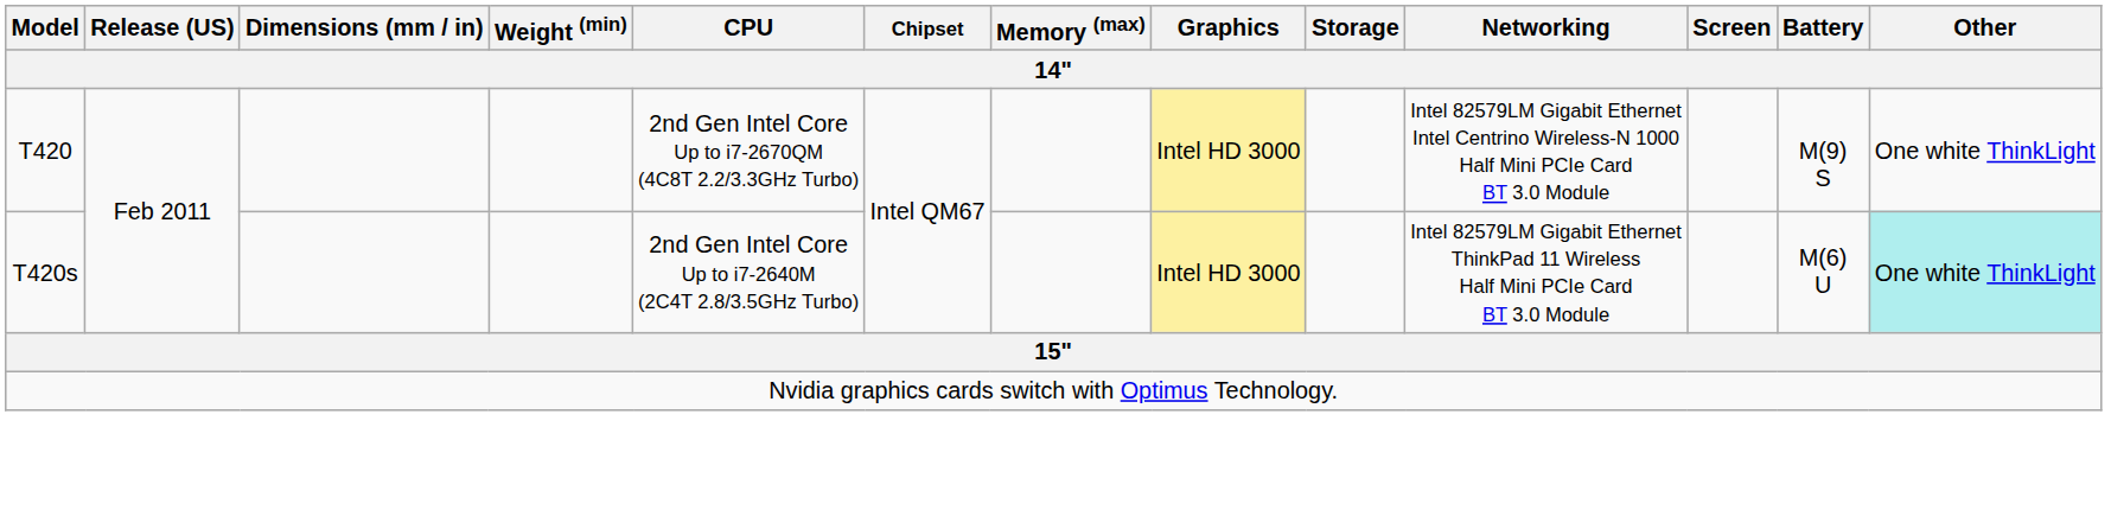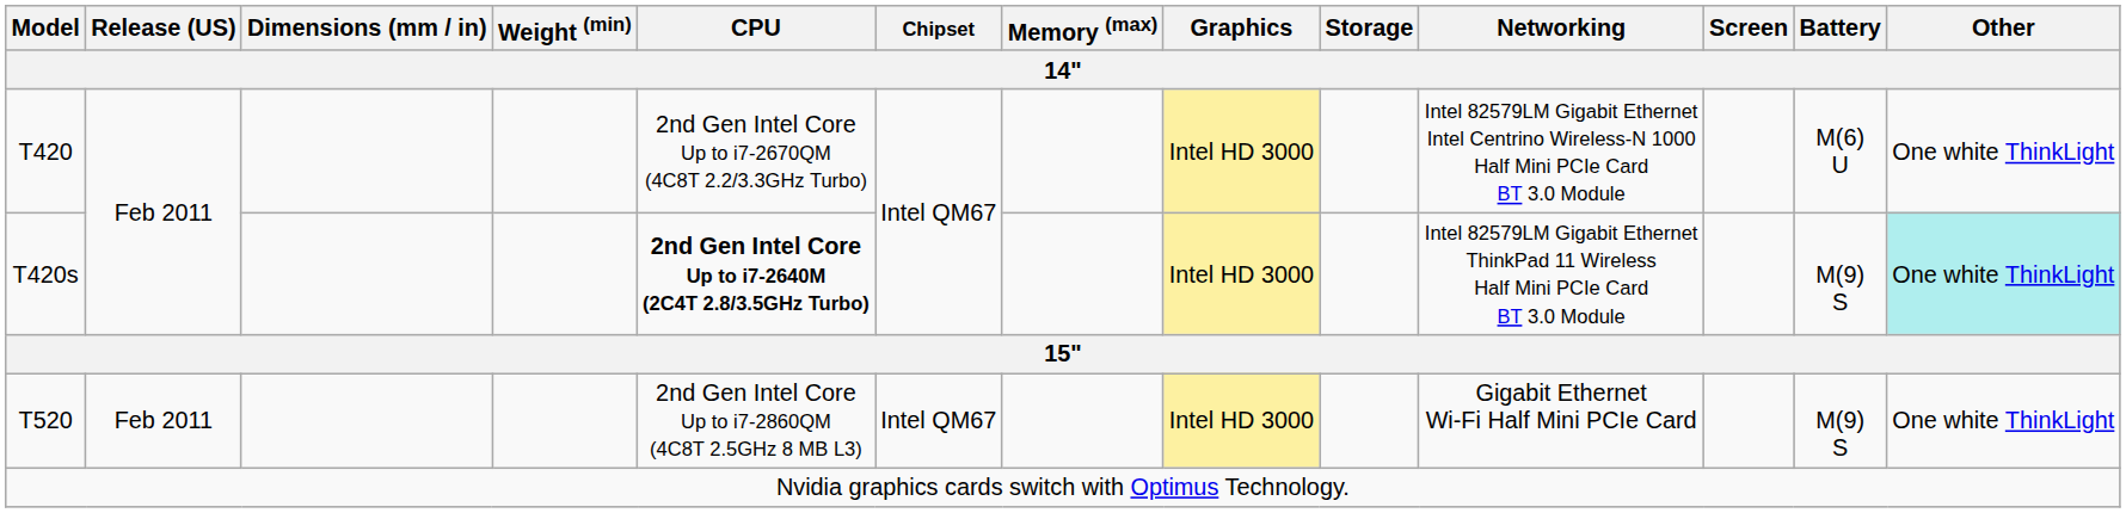 <table class="wikitable" style="font-size: 80%; text-align: center; min-width: 80%;">
 <tr>
 <th>Model</th>
 <th>Release (US)</th>
 <th>Dimensions (mm / in)</th>
 <th>Weight <sup>(min)</sup></th>
 <th>CPU</th>
 <th><small>Chipset</small></th>
 <th>Memory <sup>(max)</sup></th>
 <th>Graphics</th>
 <th>Storage</th>
 <th>Networking</th>
 <th>Screen</th>
 <th>Battery</th>
 <th>Other</th>
 </tr>
 <tr>
 <th colspan="13">14"</th>
 </tr>
 <tr>
 <td>T420</td>
 <td rowspan="2">Feb 2011</td>
 <td></td>
 <td></td>
 <td style="background:">2nd Gen Intel Core<br><small>Up to i7-2670QM<br>(4C8T 2.2/3.3GHz Turbo)</small></td>
 <td rowspan="2">Intel QM67</td>
 <td></td>
 <td style="background:#fdf1a1;">Intel HD 3000 <br> </td>
 <td></td>
 <td><small>Intel 82579LM Gigabit Ethernet <br> Intel Centrino Wireless-N 1000 <br> Half Mini PCIe Card<br><a href='#'>BT</a> 3.0 Module<br> </small></td>
 <td></td>
-<td style="background:"><br>M(9)<br>S</td>
+<td style="background:">M(6)<br>U</td>
 <td>One white <a href='#'>ThinkLight</a></td>
 </tr>
 <tr>
 <td>T420s</td>
 <td></td>
 <td></td>
-<td style="background:">2nd Gen Intel Core<br><small>Up to i7-2640M <br>(2C4T 2.8/3.5GHz Turbo)</small></td>
+<td style="background:"><strong>2nd Gen Intel Core<br><small>Up to i7-2640M <br>(2C4T 2.8/3.5GHz Turbo)</small></strong></td>
 <td></td>
 <td style="background:#fdf1a1;">Intel HD 3000 <br></td>
 <td></td>
 <td><small>Intel 82579LM Gigabit Ethernet <br> ThinkPad 11 Wireless <br> Half Mini PCIe Card<br><a href='#'>BT</a> 3.0 Module<br> </small></td>
 <td></td>
-<td style="background:">M(6)<br>U</td>
+<td style="background:"><br>M(9)<br>S</td>
 <td style="background: paleturquoise;">One white <a href='#'>ThinkLight</a></td>
 </tr>
 <tr>
 <th colspan="13">15"</th>
 </tr>
 <tr>
+<td>T520</td>
+<td>Feb 2011</td>
+<td></td>
+<td></td>
+<td style="background:">2nd Gen Intel Core<br><small>Up to i7-2860QM <br>(4C8T 2.5GHz 8 MB L3)</small></td>
+<td>Intel QM67</td>
+<td></td>
+<td style="background:#fdf1a1;">Intel HD 3000 <br></td>
+<td></td>
+<td>Gigabit Ethernet<br>Wi-Fi Half Mini PCIe Card<br><br><small></small></td>
+<td></td>
+<td style="background:"><br>M(9)<br>S</td>
+<td>One white <a href='#'>ThinkLight</a></td>
+</tr>
+<tr>
 <td colspan="13">Nvidia graphics cards switch with <a href='#'>Optimus</a> Technology.</td>
 </tr>
 </table>
